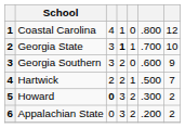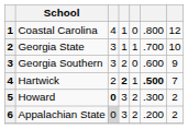 <table class="wikitable">
 <tr>
 <th></th>
 <th>School</th>
 <th></th>
 <th></th>
 <th></th>
 <th></th>
 <th></th>
 </tr>
 <tr align=center>
 <th>1</th>
 <td align=left>Coastal Carolina</td>
 <td>4</td>
 <td>1</td>
 <td>0</td>
 <td>.800</td>
 <td>12</td>
 </tr>
 <tr align=center>
 <th>2</th>
 <td align=left>Georgia State</td>
 <td>3</td>
-<td><strong>1</strong></td>
+<td>1</td>
 <td>1</td>
 <td>.700</td>
 <td>10</td>
 </tr>
 <tr align=center>
 <th>3</th>
 <td align=left>Georgia Southern</td>
 <td>3</td>
 <td>2</td>
 <td>0</td>
 <td>.600</td>
 <td>9</td>
 </tr>
 <tr align=center>
 <th>4</th>
 <td align=left>Hartwick</td>
 <td>2</td>
-<td>2</td>
+<td><strong>2</strong></td>
 <td>1</td>
-<td>.500</td>
+<td><strong>.500</strong></td>
 <td>7</td>
 </tr>
 <tr align=center>
 <th>5</th>
 <td align=left>Howard</td>
 <td><strong>0</strong></td>
 <td>3</td>
 <td>2</td>
 <td>.300</td>
 <td>2</td>
 </tr>
 <tr align=center>
 <th>6</th>
 <td align=left>Appalachian State</td>
-<td>0</td>
+<td style="background: lightgrey;">0</td>
 <td>3</td>
 <td>2</td>
 <td>.200</td>
 <td>2</td>
 </tr>
 <tr align=center>
 </tr>
 </table>
